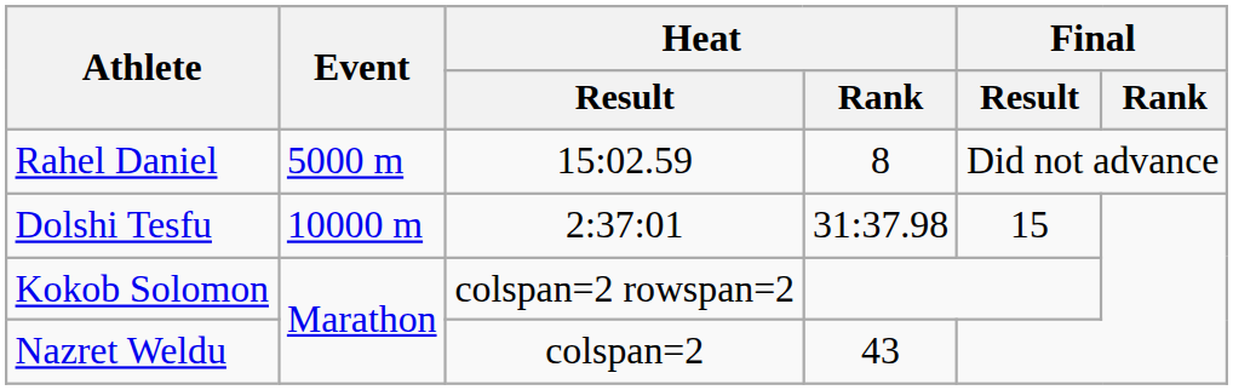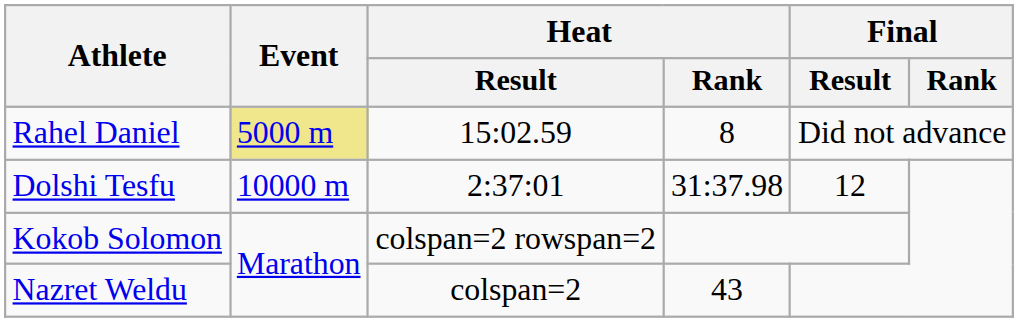 <table class="wikitable" style="font-size:90%">
 <tr>
 <th rowspan="2">Athlete</th>
 <th rowspan="2">Event</th>
 <th colspan="2">Heat</th>
 <th colspan="2">Final</th>
 </tr>
 <tr style="font-size:95%">
 <th>Result</th>
 <th>Rank</th>
 <th>Result</th>
 <th>Rank</th>
 </tr>
 <tr align=center>
 <td align=left><a href='#'>Rahel Daniel</a></td>
-<td align=left><a href='#'>5000 m</a></td>
+<td align=left style="background: khaki;"><a href='#'>5000 m</a></td>
 <td>15:02.59</td>
 <td>8</td>
 <td colspan="2">Did not advance</td>
 </tr>
 <tr align=center>
 <td align=left><a href='#'>Dolshi Tesfu</a></td>
 <td align=left><a href='#'>10000 m</a></td>
 <td>2:37:01</td>
 <td>31:37.98</td>
-<td>15</td>
+<td>12</td>
 </tr>
 <tr align="center">
 <td align="left"><a href='#'>Kokob Solomon</a></td>
 <td rowspan="2" align="left"><a href='#'>Marathon</a></td>
 <td>colspan=2 rowspan=2 </td>
 <td colspan=2></td>
 </tr>
 <tr align="center">
 <td align="left"><a href='#'>Nazret Weldu</a></td>
 <td>colspan=2 </td>
 <td>43</td>
 </tr>
 </table>
